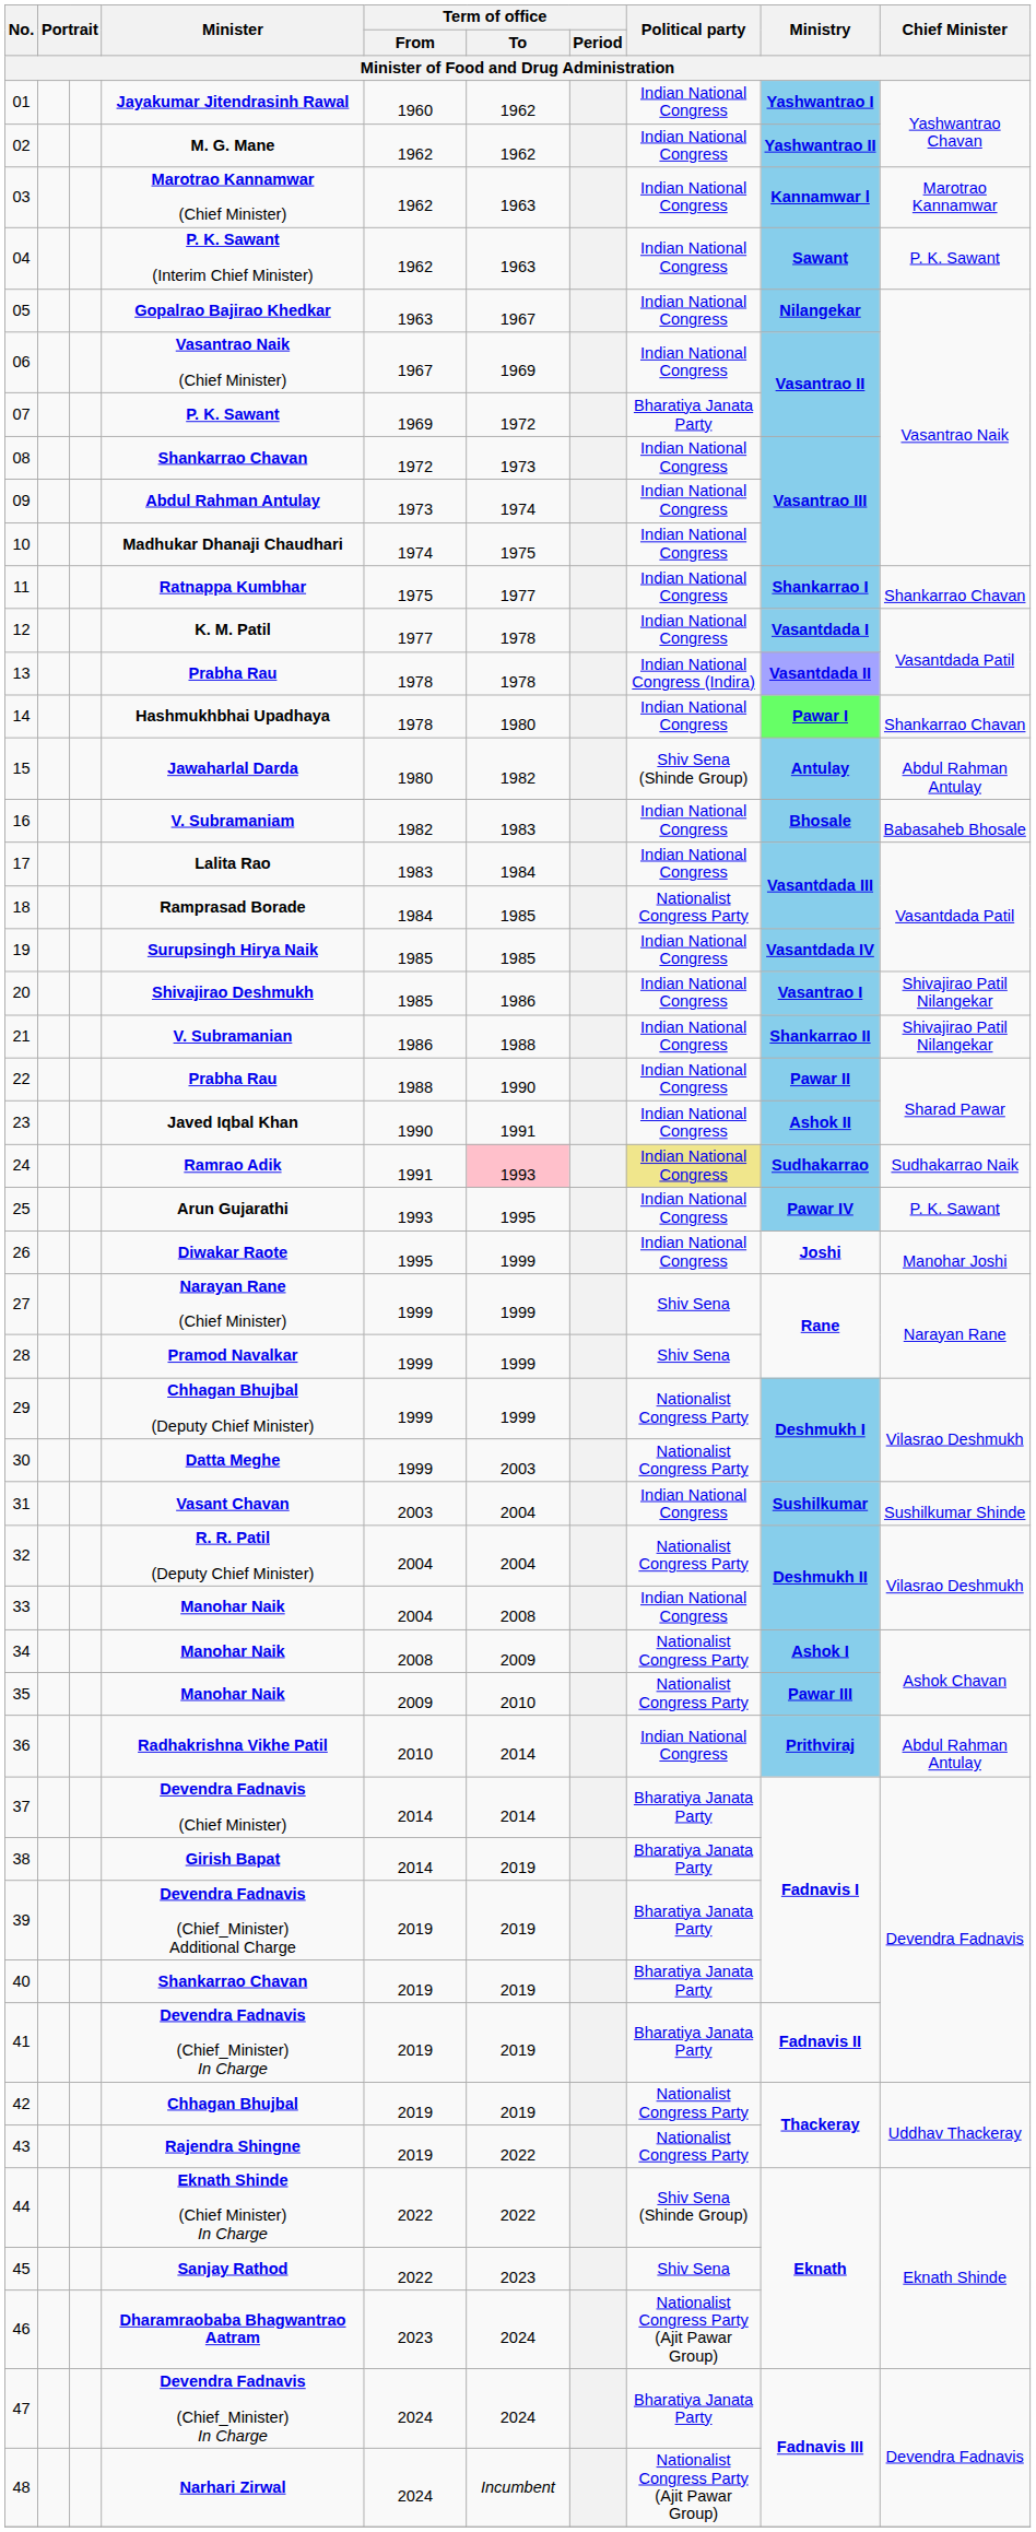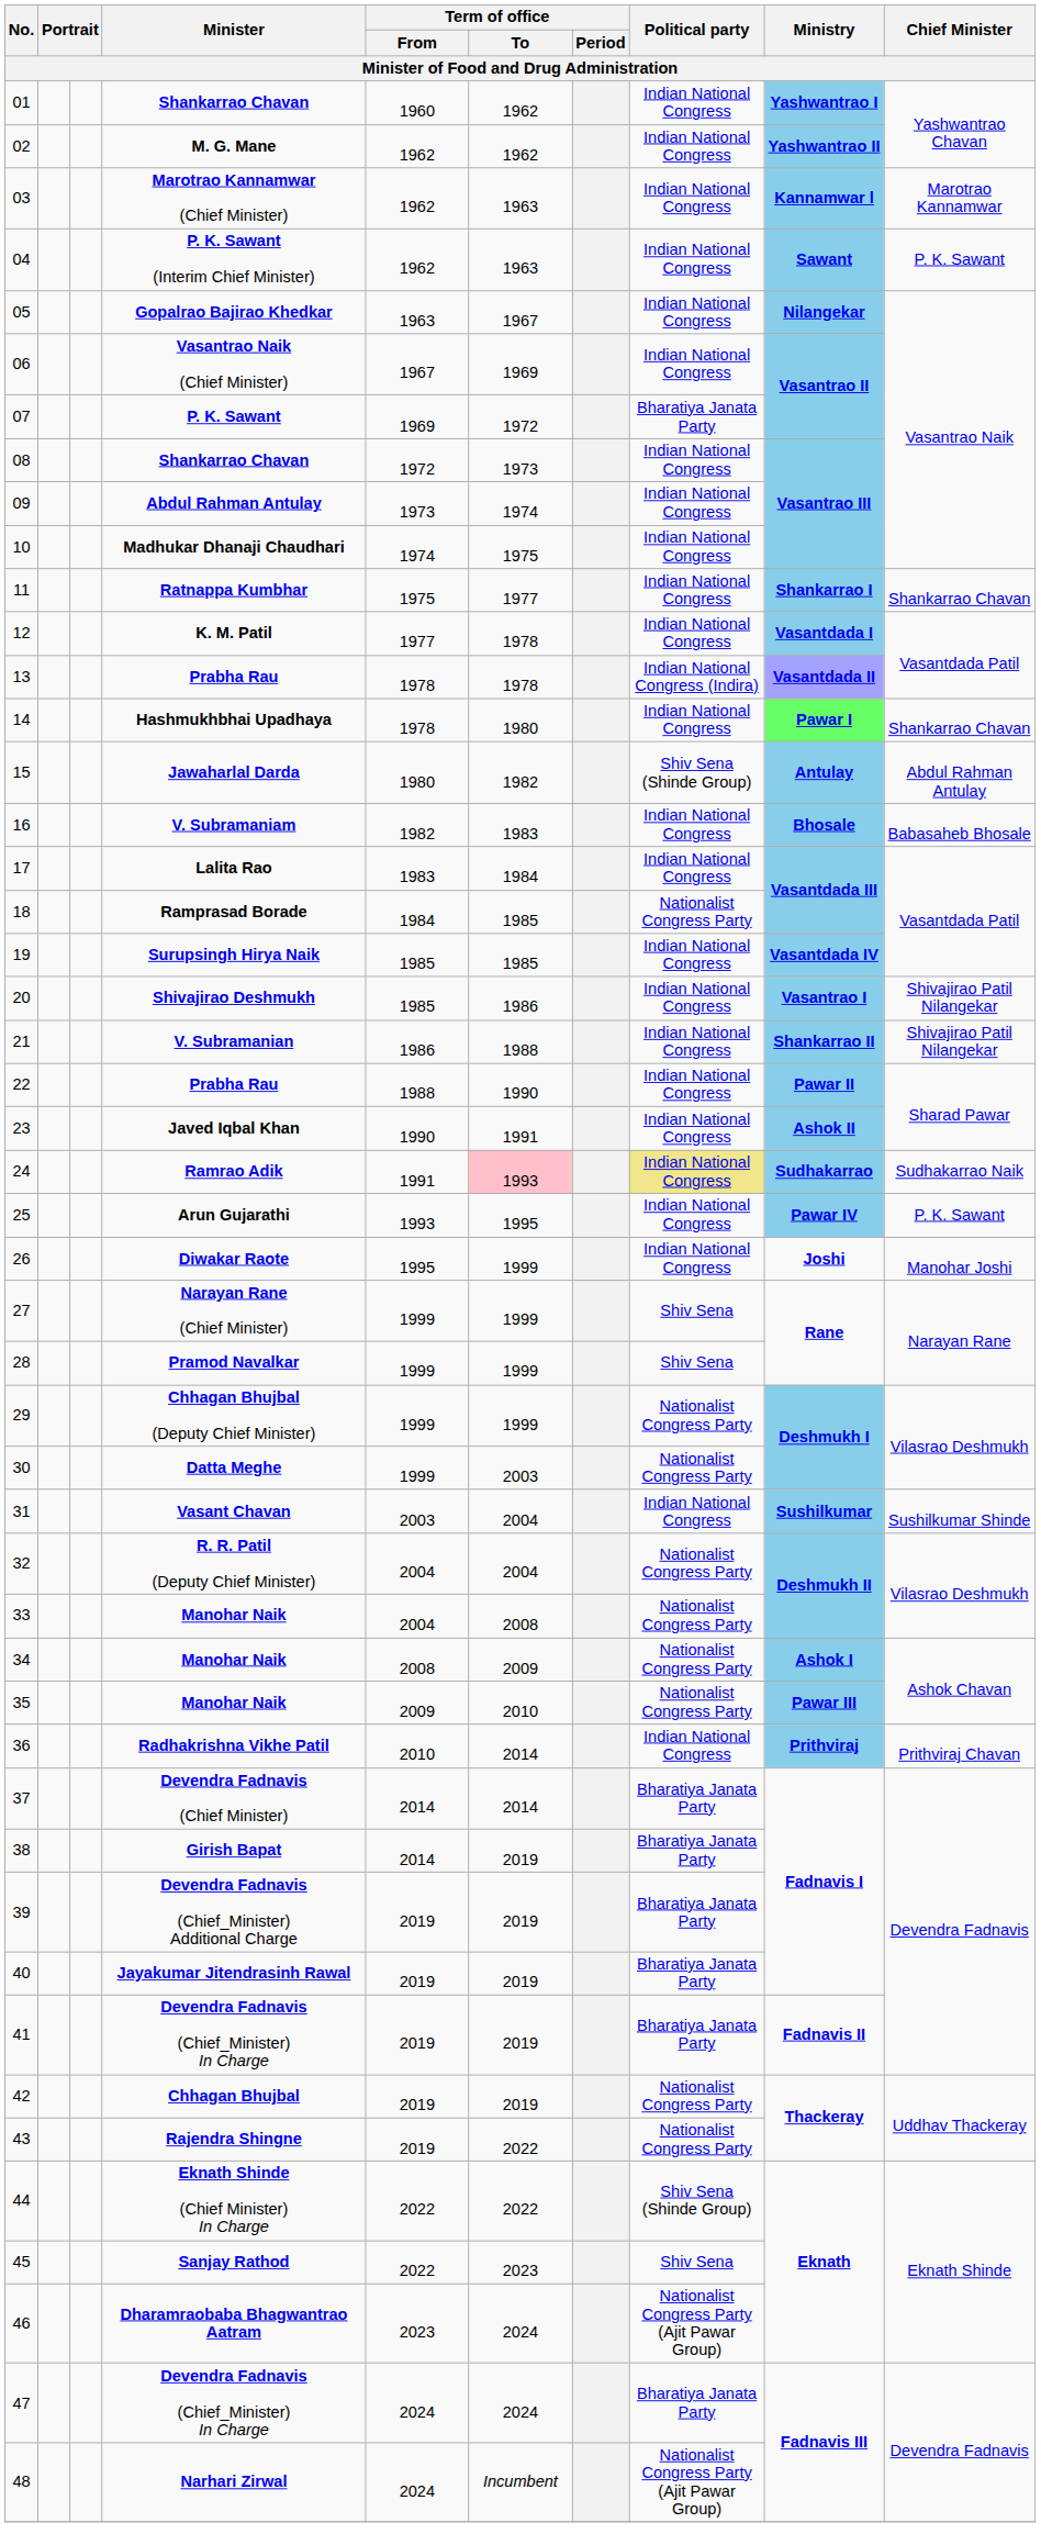 <table class="wikitable" style="text-align:center">
 <tr>
 <th rowspan="2">No.</th>
 <th rowspan="2" colspan="2">Portrait</th>
 <th rowspan="2" style="width:16em">Minister<br></th>
 <th colspan="3">Term of office</th>
 <th rowspan="2" style="width:8em">Political party</th>
 <th rowspan="2">Ministry</th>
 <th rowspan="2" style="width:9em">Chief Minister</th>
 </tr>
 <tr>
 <th style="width:6em">From</th>
 <th style="width:6em">To</th>
 <th>Period</th>
 </tr>
 <tr>
 <th colspan="10">Minister of Food and Drug Administration</th>
 </tr>
 <tr>
 <td>01</td>
 <td style="color:inherit;background:"></td>
 <td></td>
-<td><strong><a href='#'>Jayakumar Jitendrasinh Rawal</a></strong> <br> </td>
+<td><strong><a href='#'>Shankarrao Chavan</a></strong>   <br> </td>
 <td><br>1960</td>
 <td><br>1962</td>
 <th></th>
 <td><a href='#'>Indian National Congress</a></td>
 <td bgcolor="#87CEEB"><a href='#'><strong>Yashwantrao I</strong></a></td>
 <td rowspan="2"> <br><a href='#'>Yashwantrao Chavan</a></td>
 </tr>
 <tr>
 <td>02</td>
 <td style="color:inherit;background:"></td>
 <td></td>
 <td><strong>M. G. Mane</strong>  <br> </td>
 <td><br>1962</td>
 <td><br>1962</td>
 <th></th>
 <td><a href='#'>Indian National Congress</a></td>
 <td bgcolor="#87CEEB"><a href='#'><strong>Yashwantrao II</strong></a></td>
 </tr>
 <tr>
 <td>03</td>
 <td style="color:inherit;background:"></td>
 <td></td>
 <td><strong><a href='#'>Marotrao Kannamwar</a></strong> <br> <br> (Chief Minister)</td>
 <td><br>1962</td>
 <td><br>1963</td>
 <th></th>
 <td><a href='#'>Indian National Congress</a></td>
 <td bgcolor="#87CEEB"><a href='#'><strong>Kannamwar l</strong></a></td>
 <td><a href='#'>Marotrao Kannamwar</a></td>
 </tr>
 <tr>
 <td>04</td>
 <td style="color:inherit;background:"></td>
 <td></td>
 <td><strong><a href='#'>P. K. Sawant</a></strong> <br>  <br>(Interim Chief Minister)</td>
 <td><br>1962</td>
 <td><br>1963</td>
 <th></th>
 <td><a href='#'>Indian National Congress</a></td>
 <td bgcolor="#87CEEB"><a href='#'><strong>Sawant</strong></a></td>
 <td><a href='#'>P. K. Sawant</a></td>
 </tr>
 <tr>
 <td>05</td>
 <td style="color:inherit;background:"></td>
 <td></td>
 <td><strong><a href='#'>Gopalrao Bajirao Khedkar</a></strong> <br> </td>
 <td><br>1963</td>
 <td><br>1967</td>
 <th></th>
 <td><a href='#'>Indian National Congress</a></td>
 <td bgcolor="#87CEEB"><a href='#'><strong>Nilangekar</strong></a></td>
 <td rowspan="6"><br><a href='#'>Vasantrao Naik</a></td>
 </tr>
 <tr>
 <td>06</td>
 <td style="color:inherit;background:"></td>
 <td></td>
 <td><strong><a href='#'>Vasantrao Naik</a></strong> <br>  <br> (Chief Minister)</td>
 <td><br>1967</td>
 <td><br>1969</td>
 <th></th>
 <td><a href='#'>Indian National Congress</a></td>
 <td rowspan="2" bgcolor="#87CEEB"><a href='#'><strong>Vasantrao II</strong></a></td>
 </tr>
 <tr>
 <td>07</td>
 <td style="color:inherit;background:"></td>
 <td></td>
 <td><strong><a href='#'>P. K. Sawant</a></strong> <br> </td>
 <td><br>1969</td>
 <td><br>1972</td>
 <th></th>
 <td><a href='#'>Bharatiya Janata Party</a></td>
 </tr>
 <tr>
 <td>08</td>
 <td style="color:inherit;background:"></td>
 <td></td>
 <td><strong><a href='#'>Shankarrao Chavan</a></strong> <br> </td>
 <td><br>1972</td>
 <td><br>1973</td>
 <th></th>
 <td><a href='#'>Indian National Congress</a></td>
 <td rowspan="3" bgcolor="#87CEEB"><a href='#'><strong>Vasantrao III</strong></a></td>
 </tr>
 <tr>
 <td>09</td>
 <td style="color:inherit;background:"></td>
 <td></td>
 <td><strong><a href='#'>Abdul Rahman Antulay</a></strong> <br> </td>
 <td><br>1973</td>
 <td><br>1974</td>
 <th></th>
 <td><a href='#'>Indian National Congress</a></td>
 </tr>
 <tr>
 <td>10</td>
 <td style="color:inherit;background:"></td>
 <td></td>
 <td><strong>Madhukar Dhanaji Chaudhari</strong> <br> </td>
 <td><br>1974</td>
 <td><br>1975</td>
 <th></th>
 <td><a href='#'>Indian National Congress</a></td>
 </tr>
 <tr>
 <td>11</td>
 <td style="color:inherit;background:"></td>
 <td></td>
 <td><strong><a href='#'>Ratnappa Kumbhar</a></strong> <br> </td>
 <td><br>1975</td>
 <td><br>1977</td>
 <th></th>
 <td><a href='#'>Indian National Congress</a></td>
 <td rowspan="1" bgcolor="#87CEEB"><a href='#'><strong>Shankarrao I</strong></a></td>
 <td rowspan="1"><br><a href='#'>Shankarrao Chavan</a></td>
 </tr>
 <tr>
 <td>12</td>
 <td style="color:inherit;background:"></td>
 <td></td>
 <td><strong>K. M. Patil</strong> <br> </td>
 <td><br>1977</td>
 <td><br>1978</td>
 <th></th>
 <td><a href='#'>Indian National Congress</a></td>
 <td rowspan="1" bgcolor="#88CEEB"><a href='#'><strong>Vasantdada I</strong></a></td>
 <td rowspan="2"><br><a href='#'>Vasantdada Patil</a></td>
 </tr>
 <tr>
 <td>13</td>
 <td style="color:inherit;background:"></td>
 <td></td>
 <td><strong><a href='#'>Prabha Rau</a></strong> <br> </td>
 <td><br>1978</td>
 <td><br>1978</td>
 <th></th>
 <td><a href='#'>Indian National Congress (Indira)</a></td>
 <td rowspan="1" bgcolor="#A3A3FF"><a href='#'><strong>Vasantdada II</strong></a></td>
 </tr>
 <tr>
 <td>14</td>
 <td style="color:inherit;background:"></td>
 <td></td>
 <td><strong>Hashmukhbhai Upadhaya</strong> <br> </td>
 <td><br>1978</td>
 <td><br>1980</td>
 <th></th>
 <td><a href='#'>Indian National Congress</a></td>
 <td rowspan="1" bgcolor="#66FF66"><a href='#'><strong>Pawar I</strong></a></td>
 <td rowspan="1"><br><a href='#'>Shankarrao Chavan</a></td>
 </tr>
 <tr>
 <td>15</td>
 <td style="color:inherit;background:"></td>
 <td></td>
 <td><strong><a href='#'>Jawaharlal Darda</a></strong> <br> </td>
 <td><br>1980</td>
 <td><br>1982</td>
 <th></th>
 <td><a href='#'>Shiv Sena</a> (Shinde Group)</td>
 <td rowspan="1" bgcolor="#87CEEB"><a href='#'><strong>Antulay</strong></a></td>
 <td rowspan="1"> <br><a href='#'>Abdul Rahman Antulay</a></td>
 </tr>
 <tr>
 <td>16</td>
 <td style="color:inherit;background:"></td>
 <td></td>
 <td><strong><a href='#'>V. Subramaniam</a></strong>  <br> </td>
 <td><br>1982</td>
 <td><br>1983</td>
 <th></th>
 <td><a href='#'>Indian National Congress</a></td>
 <td rowspan="1" bgcolor="#87CEEB"><a href='#'><strong>Bhosale</strong></a></td>
 <td rowspan="1"> <br><a href='#'>Babasaheb Bhosale</a></td>
 </tr>
 <tr>
 <td>17</td>
 <td style="color:inherit;background:"></td>
 <td></td>
 <td><strong>Lalita Rao</strong> <br> </td>
 <td><br>1983</td>
 <td><br>1984</td>
 <th></th>
 <td><a href='#'>Indian National Congress</a></td>
 <td rowspan="2" bgcolor="#87CEEB"><a href='#'><strong>Vasantdada III</strong></a></td>
 <td rowspan="3"><br><a href='#'>Vasantdada Patil</a></td>
 </tr>
 <tr>
 <td>18</td>
 <td style="color:inherit;background:"></td>
 <td></td>
 <td><strong>Ramprasad Borade</strong> <br> </td>
 <td><br>1984</td>
 <td><br>1985</td>
 <th></th>
 <td><a href='#'>Nationalist Congress Party</a></td>
 </tr>
 <tr>
 <td>19</td>
 <td style="color:inherit;background:"></td>
 <td></td>
 <td><strong><a href='#'>Surupsingh Hirya Naik</a></strong> <br> </td>
 <td><br>1985</td>
 <td><br>1985</td>
 <th></th>
 <td><a href='#'>Indian National Congress</a></td>
 <td bgcolor="#87CEEB"><a href='#'><strong>Vasantdada IV</strong></a></td>
 </tr>
 <tr>
 <td>20</td>
 <td style="color:inherit;background:"></td>
 <td></td>
 <td><strong><a href='#'>Shivajirao Deshmukh</a></strong> <br> </td>
 <td><br>1985</td>
 <td><br>1986</td>
 <th></th>
 <td><a href='#'>Indian National Congress</a></td>
 <td bgcolor="#87CEEB"><a href='#'><strong>Vasantrao I</strong></a></td>
 <td><a href='#'>Shivajirao Patil Nilangekar</a></td>
 </tr>
 <tr>
 <td>21</td>
 <td style="color:inherit;background:"></td>
 <td></td>
 <td><strong><a href='#'>V. Subramanian</a></strong> <br> </td>
 <td><br>1986</td>
 <td><br>1988</td>
 <th></th>
 <td><a href='#'>Indian National Congress</a></td>
 <td rowspan="1"bgcolor="#87CEEB"><a href='#'><strong>Shankarrao II</strong></a></td>
 <td><a href='#'>Shivajirao Patil Nilangekar</a></td>
 </tr>
 <tr>
 <td>22</td>
 <td style="color:inherit;background:"></td>
 <td></td>
 <td><strong><a href='#'>Prabha Rau</a></strong> <br> </td>
 <td><br>1988</td>
 <td><br>1990</td>
 <th></th>
 <td><a href='#'>Indian National Congress</a></td>
 <td rowspan="1" bgcolor="#87CEEB"><a href='#'><strong>Pawar II</strong></a></td>
 <td rowspan="2"> <br><a href='#'>Sharad Pawar</a></td>
 </tr>
 <tr>
 <td>23</td>
 <td style="color:inherit;background:"></td>
 <td></td>
 <td><strong>Javed Iqbal Khan</strong> <br> </td>
 <td><br>1990</td>
 <td><br>1991</td>
 <th></th>
 <td><a href='#'>Indian National Congress</a></td>
 <td bgcolor="#87CEEB"><a href='#'><strong>Ashok II</strong></a></td>
 </tr>
 <tr>
 <td>24</td>
 <td style="color:inherit;background:"></td>
 <td></td>
 <td><strong><a href='#'>Ramrao Adik</a></strong> <br> </td>
 <td><br>1991</td>
 <td style="background: pink;"><br>1993</td>
 <th></th>
 <td style="background: khaki;"><a href='#'>Indian National Congress</a></td>
 <td rowspan="1" bgcolor="#87CEEB"><a href='#'><strong>Sudhakarrao</strong></a></td>
 <td rowspan="1"><a href='#'>Sudhakarrao Naik</a></td>
 </tr>
 <tr>
 <td>25</td>
 <td style="color:inherit;background:"></td>
 <td></td>
 <td><strong>Arun Gujarathi</strong> <br> </td>
 <td><br>1993</td>
 <td><br>1995</td>
 <th></th>
 <td><a href='#'>Indian National Congress</a></td>
 <td bgcolor="#87CEEB"><a href='#'><strong>Pawar IV</strong></a></td>
 <td><a href='#'>P. K. Sawant</a></td>
 </tr>
 <tr>
 <td>26</td>
 <td style="color:inherit;background:"></td>
 <td></td>
 <td><strong><a href='#'>Diwakar Raote</a></strong> <br> </td>
 <td><br>1995</td>
 <td><br>1999</td>
 <th></th>
 <td><a href='#'>Indian National Congress</a></td>
 <td rowspan="1"><a href='#'><strong>Joshi</strong></a></td>
 <td rowspan="1"> <br><a href='#'>Manohar Joshi</a></td>
 </tr>
 <tr>
 <td>27</td>
 <td style="color:inherit;background:"></td>
 <td></td>
 <td><strong><a href='#'>Narayan Rane</a></strong> <br>  <br> (Chief Minister)</td>
 <td><br>1999</td>
 <td><br>1999</td>
 <th></th>
 <td><a href='#'>Shiv Sena</a></td>
 <td rowspan="2"><a href='#'><strong>Rane</strong></a></td>
 <td rowspan="2"> <br><a href='#'>Narayan Rane</a></td>
 </tr>
 <tr>
 <td>28</td>
 <td style="color:inherit;background:"></td>
 <td></td>
 <td><strong><a href='#'>Pramod Navalkar</a></strong> <br> </td>
 <td><br>1999</td>
 <td><br>1999</td>
 <th></th>
 <td><a href='#'>Shiv Sena</a></td>
 </tr>
 <tr>
 <td>29</td>
 <td style="color:inherit;background:"></td>
 <td></td>
 <td><strong><a href='#'>Chhagan Bhujbal</a></strong> <br> <br> (Deputy Chief Minister)</td>
 <td><br>1999</td>
 <td><br>1999</td>
 <th></th>
 <td><a href='#'>Nationalist Congress Party</a></td>
 <td rowspan="2" bgcolor="#87CEEB"><a href='#'><strong>Deshmukh I</strong></a></td>
 <td rowspan="2"> <br><a href='#'>Vilasrao Deshmukh</a></td>
 </tr>
 <tr>
 <td>30</td>
 <td style="color:inherit;background:"></td>
 <td></td>
 <td><strong><a href='#'>Datta Meghe</a></strong> <br> </td>
 <td><br>1999</td>
 <td><br>2003</td>
 <th></th>
 <td><a href='#'>Nationalist Congress Party</a></td>
 </tr>
 <tr>
 <td>31</td>
 <td style="color:inherit;background:"></td>
 <td></td>
 <td><strong><a href='#'>Vasant Chavan</a></strong> <br> </td>
 <td><br>2003</td>
 <td><br>2004</td>
 <th></th>
 <td><a href='#'>Indian National Congress</a></td>
 <td rowspan="1" bgcolor="#87CEEB"><a href='#'><strong>Sushilkumar</strong></a></td>
 <td rowspan="1"> <br><a href='#'>Sushilkumar Shinde</a></td>
 </tr>
 <tr>
 <td>32</td>
 <td style="color:inherit;background:"></td>
 <td></td>
 <td><strong><a href='#'>R. R. Patil</a></strong> <br> <br>(Deputy Chief Minister)</td>
 <td><br>2004</td>
 <td><br>2004</td>
 <th></th>
 <td><a href='#'>Nationalist Congress Party</a></td>
 <td rowspan="2" bgcolor="#87CEEB"><a href='#'><strong>Deshmukh II</strong></a></td>
 <td rowspan="2"> <br><a href='#'>Vilasrao Deshmukh</a></td>
 </tr>
 <tr>
 <td>33</td>
 <td style="color:inherit;background:"></td>
 <td></td>
 <td><strong><a href='#'>Manohar Naik</a></strong> <br> </td>
 <td><br>2004</td>
 <td><br>2008</td>
 <th></th>
-<td><a href='#'>Indian National Congress</a></td>
+<td><a href='#'>Nationalist Congress Party</a></td>
 </tr>
 <tr>
 <td>34</td>
 <td style="color:inherit;background:"></td>
 <td></td>
 <td><strong><a href='#'>Manohar Naik</a></strong> <br> </td>
 <td><br>2008</td>
 <td><br>2009</td>
 <th></th>
 <td><a href='#'>Nationalist Congress Party</a></td>
 <td bgcolor="#87CEEB"><a href='#'><strong>Ashok I</strong></a></td>
 <td rowspan="2"><br><a href='#'>Ashok Chavan</a></td>
 </tr>
 <tr>
 <td>35</td>
 <td style="color:inherit;background:"></td>
 <td></td>
 <td><strong><a href='#'>Manohar Naik</a></strong> <br> </td>
 <td><br>2009</td>
 <td><br>2010</td>
 <th></th>
 <td><a href='#'>Nationalist Congress Party</a></td>
 <td rowspan="1" bgcolor="#87CEEB"><a href='#'><strong>Pawar III</strong></a></td>
 </tr>
 <tr>
 <td>36</td>
 <td style="color:inherit;background:"></td>
 <td></td>
 <td><strong><a href='#'>Radhakrishna Vikhe Patil</a></strong> <br> </td>
 <td><br>2010</td>
 <td><br>2014</td>
 <th></th>
 <td><a href='#'>Indian National Congress</a></td>
 <td rowspan="1" bgcolor="#87CEEB"><a href='#'><strong>Prithviraj</strong></a></td>
-<td rowspan="1"> <br><a href='#'>Abdul Rahman Antulay</a></td>
+<td rowspan="1"><br><a href='#'>Prithviraj Chavan</a></td>
 </tr>
 <tr>
 <td>37</td>
 <td style="color:inherit;background:"></td>
 <td></td>
 <td><strong><a href='#'>Devendra Fadnavis</a></strong>  <br> <br>(Chief Minister)</td>
 <td><br>2014</td>
 <td><br>2014</td>
 <th></th>
 <td rowspan="1"><a href='#'>Bharatiya Janata Party</a></td>
 <td rowspan="4"><a href='#'><strong>Fadnavis I</strong></a></td>
 <td rowspan="5"> <br><a href='#'>Devendra Fadnavis</a></td>
 </tr>
 <tr>
 <td>38</td>
 <td style="color:inherit;background:"></td>
 <td></td>
 <td><strong><a href='#'>Girish Bapat</a></strong>  <br> </td>
 <td><br>2014</td>
 <td><br>2019</td>
 <th></th>
 <td rowspan="1"><a href='#'>Bharatiya Janata Party</a></td>
 </tr>
 <tr>
 <td>39</td>
 <td style="color:inherit;background:"></td>
 <td></td>
 <td><strong><a href='#'>Devendra Fadnavis</a></strong> <br> <br>(Chief_Minister) <br>Additional Charge</td>
 <td><br>2019</td>
 <td><br>2019</td>
 <th></th>
 <td><a href='#'>Bharatiya Janata Party</a></td>
 </tr>
 <tr>
 <td>40</td>
 <td style="color:inherit;background:"></td>
 <td></td>
-<td><strong><a href='#'>Shankarrao Chavan</a></strong>   <br> </td>
+<td><strong><a href='#'>Jayakumar Jitendrasinh Rawal</a></strong> <br> </td>
 <td><br>2019</td>
 <td><br>2019</td>
 <th></th>
 <td><a href='#'>Bharatiya Janata Party</a></td>
 </tr>
 <tr>
 <td>41</td>
 <td style="color:inherit;background:"></td>
 <td></td>
 <td><strong><a href='#'>Devendra Fadnavis</a></strong>  <br> <br>(Chief_Minister) <br><em>In Charge</em></td>
 <td><br>2019</td>
 <td><br>2019</td>
 <th></th>
 <td><a href='#'>Bharatiya Janata Party</a></td>
 <td rowspan="1"><a href='#'><strong>Fadnavis II</strong></a></td>
 </tr>
 <tr>
 <td>42</td>
 <td style="color:inherit;background:"></td>
 <td></td>
 <td><strong><a href='#'>Chhagan Bhujbal</a></strong> <br> </td>
 <td><br>2019</td>
 <td><br>2019</td>
 <th></th>
 <td><a href='#'>Nationalist Congress Party</a></td>
 <td rowspan="2"><a href='#'><strong>Thackeray</strong></a></td>
 <td rowspan="2"> <br><a href='#'>Uddhav Thackeray</a></td>
 </tr>
 <tr>
 <td>43</td>
 <td style="color:inherit;background:"></td>
 <td></td>
 <td><strong><a href='#'>Rajendra Shingne</a></strong> <br> </td>
 <td><br>2019</td>
 <td><br>2022</td>
 <th></th>
 <td><a href='#'>Nationalist Congress Party</a></td>
 </tr>
 <tr>
 <td>44</td>
 <td style="color:inherit;background:"></td>
 <td></td>
 <td><strong><a href='#'>Eknath Shinde</a></strong> <br> <br>(Chief Minister)<br><em>In Charge</em></td>
 <td><br>2022</td>
 <td><br>2022</td>
 <th></th>
 <td><a href='#'>Shiv Sena</a> (Shinde Group)</td>
 <td rowspan="3"><a href='#'><strong>Eknath</strong></a></td>
 <td rowspan="3"> <br><a href='#'>Eknath Shinde</a></td>
 </tr>
 <tr>
 <td>45</td>
 <td style="color:inherit;background:"></td>
 <td></td>
 <td><strong><a href='#'>Sanjay Rathod</a></strong> <br> </td>
 <td><br>2022</td>
 <td><br>2023</td>
 <th></th>
 <td><a href='#'>Shiv Sena</a></td>
 </tr>
 <tr>
 <td>46</td>
 <td style="color:inherit;background:"></td>
 <td></td>
 <td><strong><a href='#'>Dharamraobaba Bhagwantrao Aatram</a></strong> <br> </td>
 <td><br>2023</td>
 <td><br>2024</td>
 <th></th>
 <td><a href='#'>Nationalist Congress Party</a> (Ajit Pawar Group)</td>
 </tr>
 <tr>
 <td>47</td>
 <td style="color:inherit;background:"></td>
 <td></td>
 <td><strong><a href='#'>Devendra Fadnavis</a></strong>  <br> <br>(Chief_Minister) <br><em>In Charge</em></td>
 <td><br>2024</td>
 <td><br>2024</td>
 <th></th>
 <td><a href='#'>Bharatiya Janata Party</a></td>
 <td rowspan="2"><a href='#'><strong>Fadnavis III</strong></a></td>
 <td rowspan="2"> <br><a href='#'>Devendra Fadnavis</a></td>
 </tr>
 <tr>
 <td>48</td>
 <td style="color:inherit;background:"></td>
 <td></td>
 <td><strong><a href='#'>Narhari Zirwal</a></strong> <br> </td>
 <td><br>2024</td>
 <td><em>Incumbent</em></td>
 <th></th>
 <td><a href='#'>Nationalist Congress Party</a> (Ajit Pawar Group)</td>
 </tr>
 <tr>
 </tr>
 </table>
